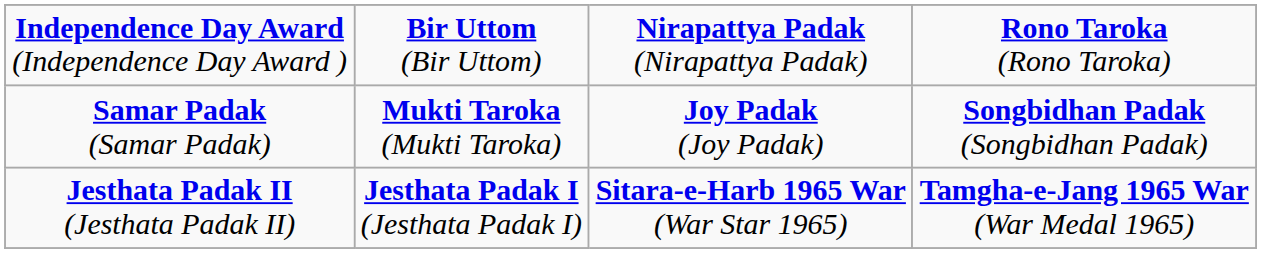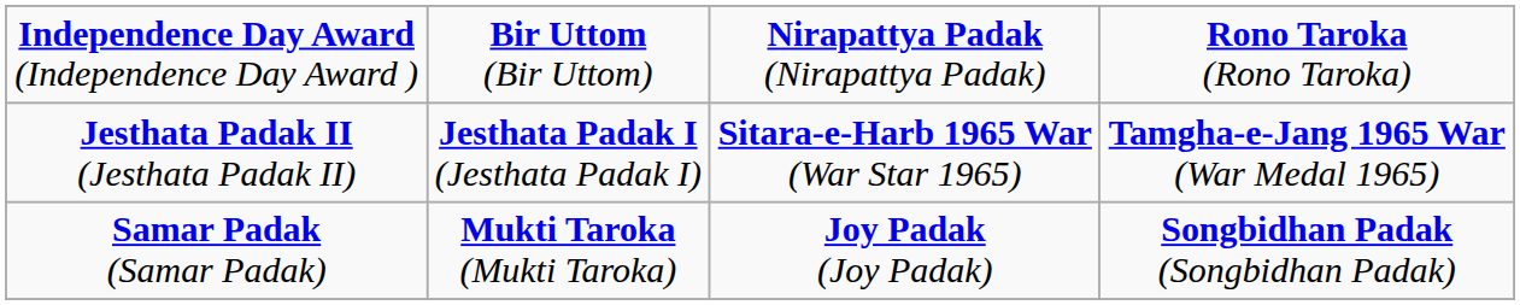 <table class="wikitable" style="margin:1em auto; text-align:center;">
 <tr>
 <td><strong><a href='#'>Independence Day Award</a></strong><br><em>(Independence Day Award )</em></td>
 <td><strong><a href='#'>Bir Uttom</a></strong><br><em>(Bir Uttom)</em></td>
 <td><strong><a href='#'>Nirapattya Padak</a></strong><br><em>(Nirapattya Padak)</em></td>
 <td><strong><a href='#'>Rono Taroka</a></strong><br><em>(Rono Taroka)</em></td>
 </tr>
 <tr>
+<td><strong><a href='#'>Jesthata Padak II</a></strong><br><em>(Jesthata Padak II)</em></td>
+<td><strong><a href='#'>Jesthata Padak I</a></strong><br><em>(Jesthata Padak I)</em></td>
+<td><strong><a href='#'>Sitara-e-Harb 1965 War</a></strong><br><em>(War Star 1965)</em></td>
+<td><strong><a href='#'>Tamgha-e-Jang 1965 War</a></strong><br><em>(War Medal 1965)</em></td>
+</tr>
+<tr>
 <td><strong><a href='#'>Samar Padak</a></strong><br><em>(Samar Padak)</em></td>
 <td><strong><a href='#'>Mukti Taroka</a></strong><br><em>(Mukti Taroka)</em></td>
 <td><strong><a href='#'>Joy Padak</a></strong><br><em>(Joy Padak)</em></td>
 <td><strong><a href='#'>Songbidhan Padak</a></strong><br><em>(Songbidhan Padak)</em></td>
 </tr>
-<tr>
-<td><strong><a href='#'>Jesthata Padak II</a></strong><br><em>(Jesthata Padak II)</em></td>
-<td><strong><a href='#'>Jesthata Padak I</a></strong><br><em>(Jesthata Padak I)</em></td>
-<td><strong><a href='#'>Sitara-e-Harb 1965 War</a></strong><br><em>(War Star 1965)</em></td>
-<td><strong><a href='#'>Tamgha-e-Jang 1965 War</a></strong><br><em>(War Medal 1965)</em></td>
-</tr>
 </table>
